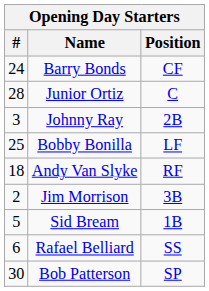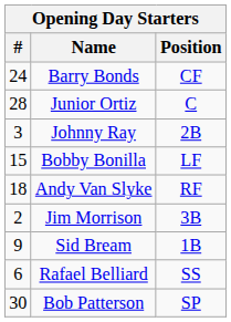 <table class="wikitable" style="text-align:center">
 <tr>
 <th colspan="3">Opening Day Starters</th>
 </tr>
 <tr>
 <th>#</th>
 <th>Name</th>
 <th>Position</th>
 </tr>
 <tr>
 <td>24</td>
 <td><a href='#'>Barry Bonds</a></td>
 <td><a href='#'>CF</a></td>
 </tr>
 <tr>
 <td>28</td>
 <td><a href='#'>Junior Ortiz</a></td>
 <td><a href='#'>C</a></td>
 </tr>
 <tr>
 <td>3</td>
 <td><a href='#'>Johnny Ray</a></td>
 <td><a href='#'>2B</a></td>
 </tr>
 <tr>
-<td>25</td>
+<td>15</td>
 <td><a href='#'>Bobby Bonilla</a></td>
 <td><a href='#'>LF</a></td>
 </tr>
 <tr>
 <td>18</td>
 <td><a href='#'>Andy Van Slyke</a></td>
 <td><a href='#'>RF</a></td>
 </tr>
 <tr>
 <td>2</td>
 <td><a href='#'>Jim Morrison</a></td>
 <td><a href='#'>3B</a></td>
 </tr>
 <tr>
-<td>5</td>
+<td>9</td>
 <td><a href='#'>Sid Bream</a></td>
 <td><a href='#'>1B</a></td>
 </tr>
 <tr>
 <td>6</td>
 <td><a href='#'>Rafael Belliard</a></td>
 <td><a href='#'>SS</a></td>
 </tr>
 <tr>
 <td>30</td>
 <td><a href='#'>Bob Patterson</a></td>
 <td><a href='#'>SP</a></td>
 </tr>
 </table>
